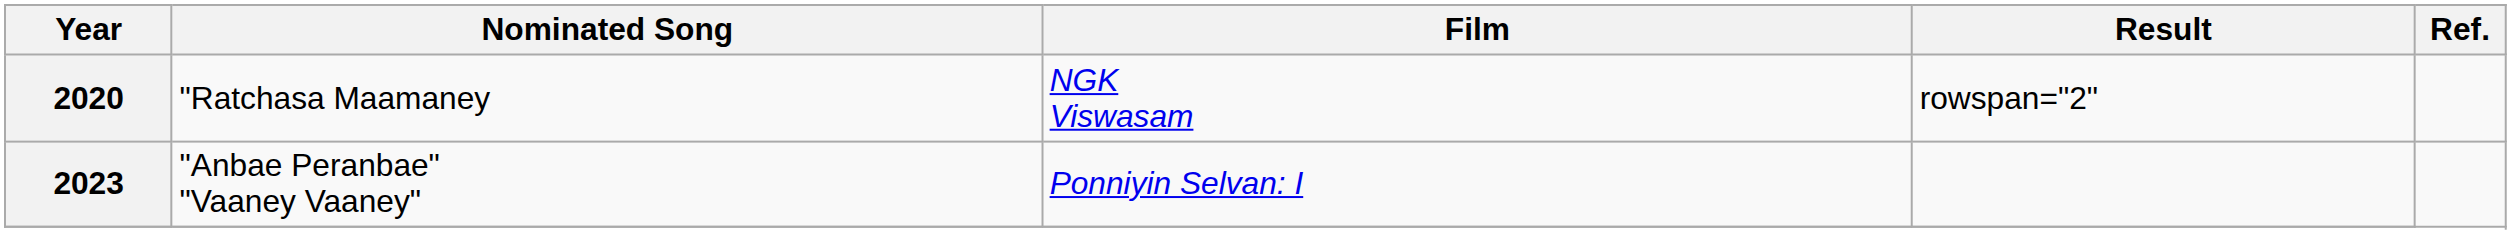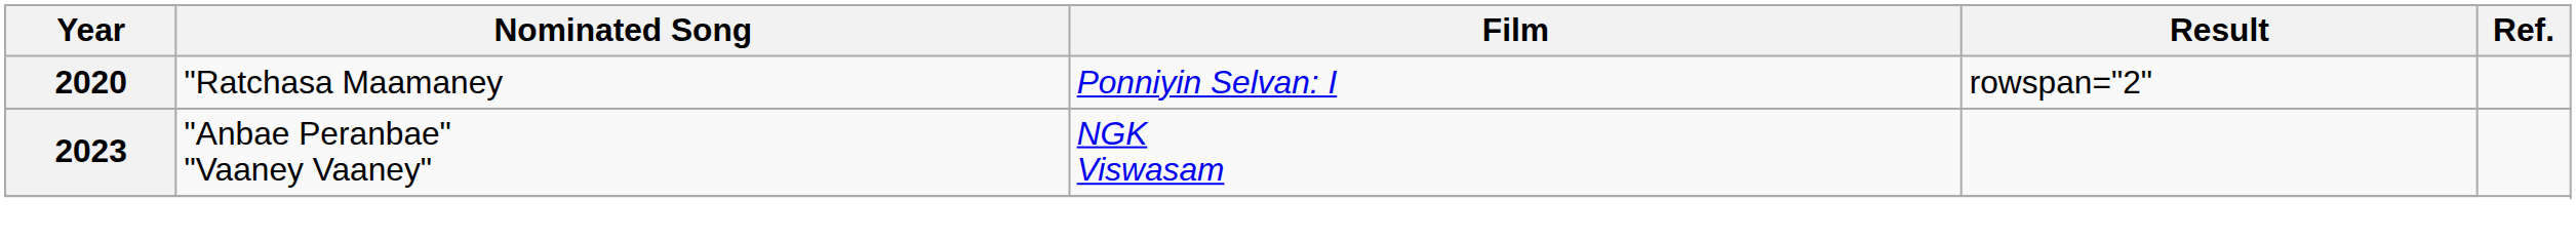 <table class="wikitable plainrowheaders" width="100%" textcolor:#000;">
 <tr>
 <th scope="col" width=5%><strong>Year</strong></th>
 <th scope="col" width=26%><strong>Nominated Song</strong></th>
 <th scope="col" width=26%><strong>Film</strong></th>
 <th scope="col" width=15%><strong>Result</strong></th>
 <th scope="col" width=2%><strong>Ref.</strong></th>
 </tr>
 <tr>
 <th scope="row">2020</th>
 <td>"Ratchasa Maamaney</td>
-<td><a href='#'><em>NGK</em></a><br><em><a href='#'>Viswasam</a></em></td>
+<td><em><a href='#'>Ponniyin Selvan: I</a></em></td>
 <td>rowspan="2" </td>
 <td></td>
 </tr>
 <tr>
 <th scope="row">2023</th>
 <td>"Anbae Peranbae"<br>"Vaaney Vaaney"</td>
-<td><em><a href='#'>Ponniyin Selvan: I</a></em></td>
+<td><a href='#'><em>NGK</em></a><br><em><a href='#'>Viswasam</a></em></td>
 <td></td>
 </tr>
 <tr>
 </tr>
 </table>
